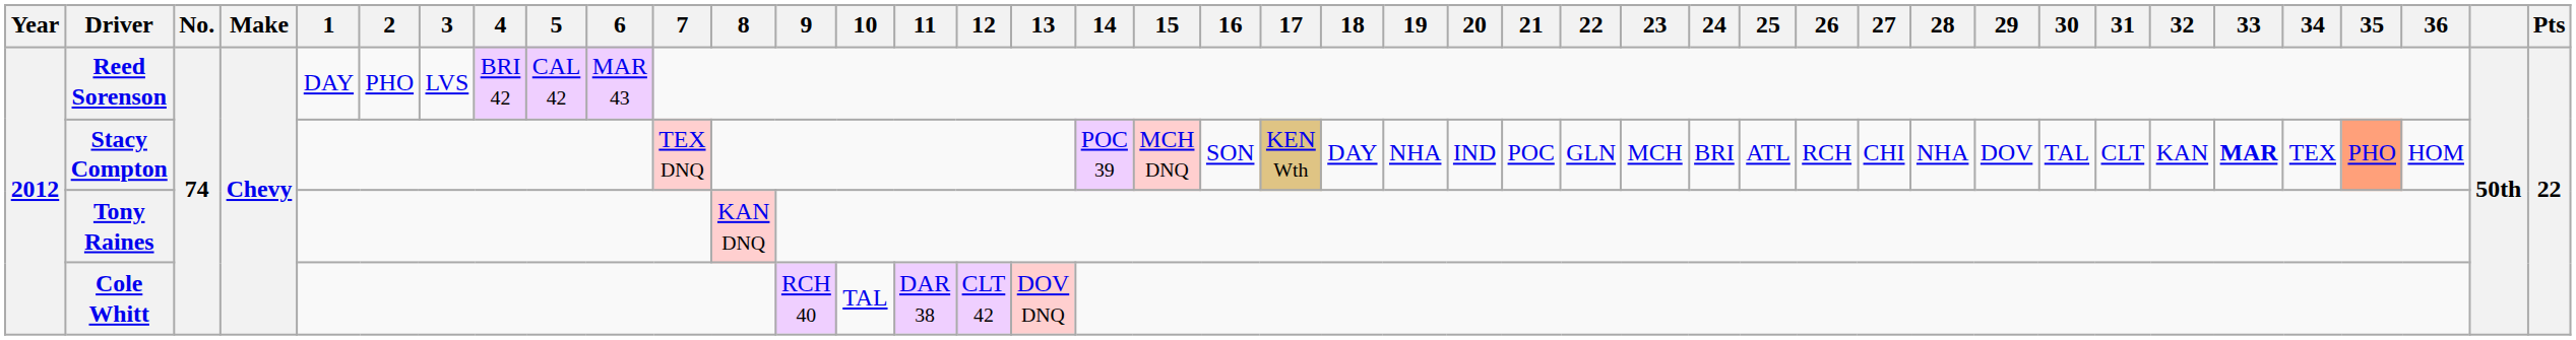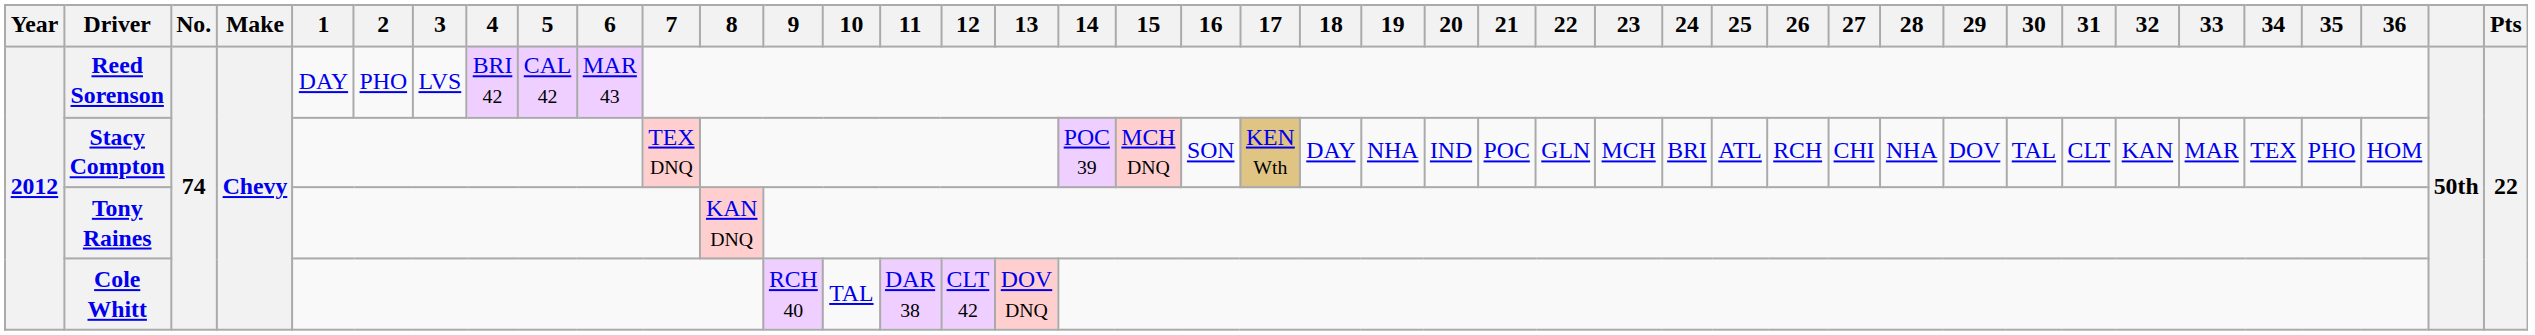 <table class="wikitable" style="text-align:center; font-size:75%">
 <tr>
 <th>Year</th>
 <th>Driver</th>
 <th>No.</th>
 <th>Make</th>
 <th>1</th>
 <th>2</th>
 <th>3</th>
 <th>4</th>
 <th>5</th>
 <th>6</th>
 <th>7</th>
 <th>8</th>
 <th>9</th>
 <th>10</th>
 <th>11</th>
 <th>12</th>
 <th>13</th>
 <th>14</th>
 <th>15</th>
 <th>16</th>
 <th>17</th>
 <th>18</th>
 <th>19</th>
 <th>20</th>
 <th>21</th>
 <th>22</th>
 <th>23</th>
 <th>24</th>
 <th>25</th>
 <th>26</th>
 <th>27</th>
 <th>28</th>
 <th>29</th>
 <th>30</th>
 <th>31</th>
 <th>32</th>
 <th>33</th>
 <th>34</th>
 <th>35</th>
 <th>36</th>
 <th></th>
 <th>Pts</th>
 </tr>
 <tr>
 <th rowspan=4><a href='#'>2012</a></th>
 <th><a href='#'>Reed Sorenson</a></th>
 <th rowspan=4>74</th>
 <th rowspan=4><a href='#'>Chevy</a></th>
 <td><a href='#'>DAY</a></td>
 <td><a href='#'>PHO</a></td>
 <td><a href='#'>LVS</a></td>
 <td style="background:#EFCFFF;"><a href='#'>BRI</a><br><small>42</small></td>
 <td style="background:#EFCFFF;"><a href='#'>CAL</a><br><small>42</small></td>
 <td style="background:#EFCFFF;"><a href='#'>MAR</a><br><small>43</small></td>
 <td colspan=30></td>
 <th rowspan=4>50th</th>
 <th rowspan=4>22</th>
 </tr>
 <tr>
 <th><a href='#'>Stacy Compton</a></th>
 <td colspan=6></td>
 <td style="background:#FFCFCF;"><a href='#'>TEX</a><br><small>DNQ</small></td>
 <td colspan=6></td>
 <td style="background:#EFCFFF;"><a href='#'>POC</a><br><small>39</small></td>
 <td style="background:#FFCFCF;"><a href='#'>MCH</a><br><small>DNQ</small></td>
 <td><a href='#'>SON</a></td>
 <td style="background:#DFC484;"><a href='#'>KEN</a><br><small>Wth</small></td>
 <td><a href='#'>DAY</a></td>
 <td><a href='#'>NHA</a></td>
 <td><a href='#'>IND</a></td>
 <td><a href='#'>POC</a></td>
 <td><a href='#'>GLN</a></td>
 <td><a href='#'>MCH</a></td>
 <td><a href='#'>BRI</a></td>
 <td><a href='#'>ATL</a></td>
 <td><a href='#'>RCH</a></td>
 <td><a href='#'>CHI</a></td>
 <td><a href='#'>NHA</a></td>
 <td><a href='#'>DOV</a></td>
 <td><a href='#'>TAL</a></td>
 <td><a href='#'>CLT</a></td>
 <td><a href='#'>KAN</a></td>
-<td><strong><a href='#'>MAR</a></strong></td>
+<td><a href='#'>MAR</a></td>
 <td><a href='#'>TEX</a></td>
-<td style="background: lightsalmon;"><a href='#'>PHO</a></td>
+<td><a href='#'>PHO</a></td>
 <td><a href='#'>HOM</a></td>
 </tr>
 <tr>
 <th><a href='#'>Tony Raines</a></th>
 <td colspan=7></td>
 <td style="background:#FFCFCF;"><a href='#'>KAN</a><br><small>DNQ</small></td>
 <td colspan=28></td>
 </tr>
 <tr>
 <th><a href='#'>Cole Whitt</a></th>
 <td colspan=8></td>
 <td style="background:#EFCFFF;"><a href='#'>RCH</a><br><small>40</small></td>
 <td><a href='#'>TAL</a></td>
 <td style="background:#EFCFFF;"><a href='#'>DAR</a><br><small>38</small></td>
 <td style="background:#EFCFFF;"><a href='#'>CLT</a><br><small>42</small></td>
 <td style="background:#FFCFCF;"><a href='#'>DOV</a><br><small>DNQ</small></td>
 <td colspan=23></td>
 </tr>
 </table>
